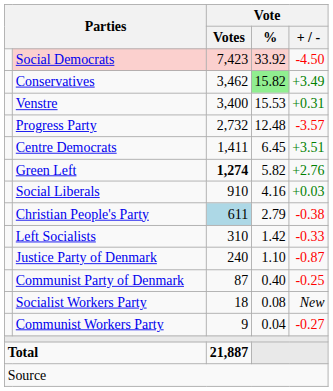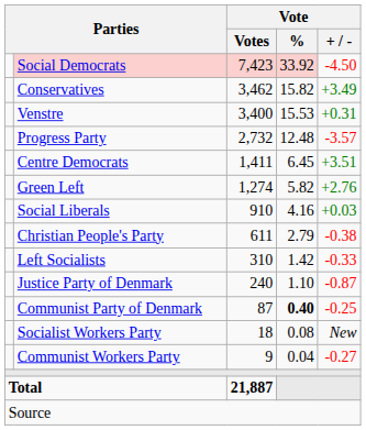 <table class="wikitable" style="text-align:right;">
 <tr>
 <th style="text-align:centre;" rowspan="2" colspan="2" width="225">Parties</th>
 <th colspan="3">Vote</th>
 </tr>
 <tr>
 <th width="15">Votes</th>
 <th width="15">%</th>
 <th width="15">+ / -</th>
 </tr>
 <tr>
 <td width="2" style="color:inherit;background:"></td>
 <td bgcolor=#fbd0ce  align="left"><a href='#'>Social Democrats</a></td>
 <td bgcolor=#fbd0ce>7,423</td>
 <td bgcolor=#fbd0ce>33.92</td>
 <td style=color:red;>-4.50</td>
 </tr>
 <tr>
 <td width="2" style="color:inherit;background:"></td>
 <td align="left"><a href='#'>Conservatives</a></td>
 <td>3,462</td>
-<td style="background: lightgreen;">15.82</td>
+<td>15.82</td>
 <td style=color:green;>+3.49</td>
 </tr>
 <tr>
 <td width="2" style="color:inherit;background:"></td>
 <td align="left"><a href='#'>Venstre</a></td>
 <td>3,400</td>
 <td>15.53</td>
 <td style=color:green;>+0.31</td>
 </tr>
 <tr>
 <td width="2" style="color:inherit;background:"></td>
 <td align="left"><a href='#'>Progress Party</a></td>
 <td>2,732</td>
 <td>12.48</td>
 <td style=color:red;>-3.57</td>
 </tr>
 <tr>
 <td width="2" style="color:inherit;background:"></td>
 <td align="left"><a href='#'>Centre Democrats</a></td>
 <td>1,411</td>
 <td>6.45</td>
 <td style=color:green;>+3.51</td>
 </tr>
 <tr>
 <td width="2" style="color:inherit;background:"></td>
 <td align="left"><a href='#'>Green Left</a></td>
-<td><strong>1,274</strong></td>
+<td>1,274</td>
 <td>5.82</td>
 <td style=color:green;>+2.76</td>
 </tr>
 <tr>
 <td width="2" style="color:inherit;background:"></td>
 <td align="left"><a href='#'>Social Liberals</a></td>
 <td>910</td>
 <td>4.16</td>
 <td style=color:green;>+0.03</td>
 </tr>
 <tr>
 <td width="2" style="color:inherit;background:"></td>
 <td align="left"><a href='#'>Christian People's Party</a></td>
-<td style="background: lightblue;">611</td>
+<td>611</td>
 <td>2.79</td>
 <td style=color:red;>-0.38</td>
 </tr>
 <tr>
 <td width="2" style="color:inherit;background:"></td>
 <td align="left"><a href='#'>Left Socialists</a></td>
 <td>310</td>
 <td>1.42</td>
 <td style=color:red;>-0.33</td>
 </tr>
 <tr>
 <td width="2" style="color:inherit;background:"></td>
 <td align="left"><a href='#'>Justice Party of Denmark</a></td>
 <td>240</td>
 <td>1.10</td>
 <td style=color:red;>-0.87</td>
 </tr>
 <tr>
 <td width="2" style="color:inherit;background:"></td>
 <td align="left"><a href='#'>Communist Party of Denmark</a></td>
 <td>87</td>
-<td>0.40</td>
+<td><strong>0.40</strong></td>
 <td style=color:red;>-0.25</td>
 </tr>
 <tr>
 <td width="2" style="color:inherit;background:"></td>
 <td align="left"><a href='#'>Socialist Workers Party</a></td>
 <td>18</td>
 <td>0.08</td>
 <td><em>New</em></td>
 </tr>
 <tr>
 <td width="2" style="color:inherit;background:"></td>
 <td align="left"><a href='#'>Communist Workers Party</a></td>
 <td>9</td>
 <td>0.04</td>
 <td style=color:red;>-0.27</td>
 </tr>
 <tr>
 <td colspan="7" bgcolor="#E9E9E9"></td>
 </tr>
 <tr>
 <td align="left" colspan="2"><strong>Total</strong></td>
 <td><strong>21,887</strong></td>
 <td bgcolor="#E9E9E9" colspan="2"></td>
 </tr>
 <tr>
 <td align="left" colspan="6">Source</td>
 </tr>
 </table>
